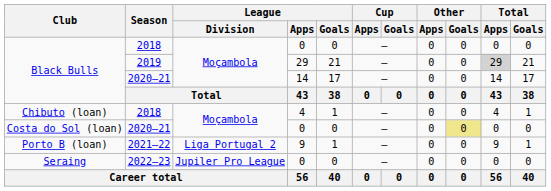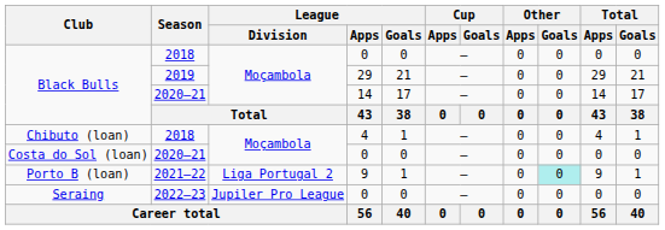 <table class="wikitable" style="text-align: center">
 <tr>
 <th rowspan="2">Club</th>
 <th rowspan="2">Season</th>
 <th colspan="3">League</th>
 <th colspan="2">Cup</th>
 <th colspan="2">Other</th>
 <th colspan="2">Total</th>
 </tr>
 <tr>
 <th>Division</th>
 <th>Apps</th>
 <th>Goals</th>
 <th>Apps</th>
 <th>Goals</th>
 <th>Apps</th>
 <th>Goals</th>
 <th>Apps</th>
 <th>Goals</th>
 </tr>
 <tr>
 <td rowspan="4"><a href='#'>Black Bulls</a></td>
 <td><a href='#'>2018</a></td>
 <td rowspan="3"><a href='#'>Moçambola</a></td>
 <td>0</td>
 <td>0</td>
 <td colspan="2">–</td>
 <td>0</td>
 <td>0</td>
 <td>0</td>
 <td>0</td>
 </tr>
 <tr>
 <td><a href='#'>2019</a></td>
 <td>29</td>
 <td>21</td>
 <td colspan="2">–</td>
 <td>0</td>
 <td>0</td>
-<td style="background: lightgrey;">29</td>
+<td>29</td>
 <td>21</td>
 </tr>
 <tr>
 <td><a href='#'>2020–21</a></td>
 <td>14</td>
 <td>17</td>
 <td colspan="2">–</td>
 <td>0</td>
 <td>0</td>
 <td>14</td>
 <td>17</td>
 </tr>
 <tr>
 <th colspan="2"><strong>Total</strong></th>
 <th>43</th>
 <th>38</th>
 <th>0</th>
 <th>0</th>
 <th>0</th>
 <th>0</th>
 <th>43</th>
 <th>38</th>
 </tr>
 <tr>
 <td><a href='#'>Chibuto</a> (loan)</td>
 <td><a href='#'>2018</a></td>
 <td rowspan="2"><a href='#'>Moçambola</a></td>
 <td>4</td>
 <td>1</td>
 <td colspan="2">–</td>
 <td>0</td>
 <td>0</td>
 <td>4</td>
 <td>1</td>
 </tr>
 <tr>
 <td><a href='#'>Costa do Sol</a> (loan)</td>
 <td><a href='#'>2020–21</a></td>
 <td>0</td>
 <td>0</td>
 <td colspan="2">–</td>
 <td>0</td>
-<td style="background: khaki;">0</td>
+<td>0</td>
 <td>0</td>
 <td>0</td>
 </tr>
 <tr>
 <td><a href='#'>Porto B</a> (loan)</td>
 <td><a href='#'>2021–22</a></td>
 <td><a href='#'>Liga Portugal 2</a></td>
 <td>9</td>
 <td>1</td>
 <td colspan="2">–</td>
 <td>0</td>
-<td>0</td>
+<td style="background: paleturquoise;">0</td>
 <td>9</td>
 <td>1</td>
 </tr>
 <tr>
 <td><a href='#'>Seraing</a></td>
 <td><a href='#'>2022–23</a></td>
 <td><a href='#'>Jupiler Pro League</a></td>
 <td>0</td>
 <td>0</td>
 <td colspan="2">–</td>
 <td>0</td>
 <td>0</td>
 <td>0</td>
 <td>0</td>
 </tr>
 <tr>
 <th colspan="3"><strong>Career total</strong></th>
 <th>56</th>
 <th>40</th>
 <th>0</th>
 <th>0</th>
 <th>0</th>
 <th>0</th>
 <th>56</th>
 <th>40</th>
 </tr>
 </table>
